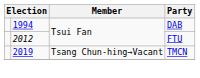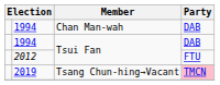 <table class="wikitable">
 <tr>
 <th colspan="2">Election</th>
 <th>Member</th>
 <th>Party</th>
+</tr>
+<tr>
+<td style="background-color: "></td>
+<td><a href='#'>1994</a></td>
+<td>Chan Man-wah</td>
+<td><a href='#'>DAB</a></td>
 </tr>
 <tr>
 <td style="background-color: "></td>
 <td><a href='#'>1994</a></td>
 <td rowspan=2>Tsui Fan</td>
 <td><a href='#'>DAB</a></td>
 </tr>
 <tr>
 <td style="background-color: "></td>
 <td><em>2012</em></td>
 <td><a href='#'>FTU</a></td>
 </tr>
 <tr>
 <td style="background-color: "></td>
 <td><a href='#'>2019</a></td>
 <td>Tsang Chun-hing→Vacant</td>
-<td><a href='#'>TMCN</a></td>
+<td style="background: pink;"><a href='#'>TMCN</a></td>
 </tr>
 <tr>
 </tr>
 </table>
